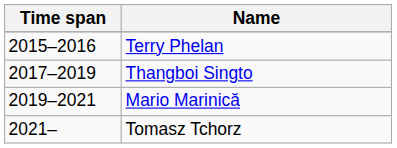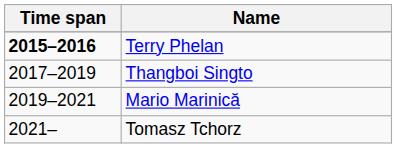 <table class="wikitable">
 <tr>
 <th width="100px">Time span</th>
 <th width="240px">Name</th>
 </tr>
 <tr>
 </tr>
 <tr>
-<td>2015–2016</td>
+<td><strong>2015–2016</strong></td>
 <td> <a href='#'>Terry Phelan</a></td>
 </tr>
 <tr>
 <td>2017–2019</td>
 <td> <a href='#'>Thangboi Singto</a></td>
 </tr>
 <tr>
 <td>2019–2021</td>
 <td> <a href='#'>Mario Marinică</a></td>
 </tr>
 <tr>
 <td>2021–</td>
 <td> Tomasz Tchorz</td>
 </tr>
 </table>
